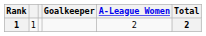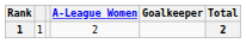 <table class="wikitable" style="text-align:center">
 <tr>
 <th>Rank</th>
 <th></th>
 <th></th>
+<th><a href='#'>A-League Women</a></th>
 <th>Goalkeeper</th>
-<th><a href='#'>A-League Women</a></th>
 <th>Total</th>
 </tr>
 <tr>
 <th>1</th>
 <td>1</td>
 <td></td>
+<td>2</td>
 <td align="left"></td>
-<td>2</td>
 <th>2</th>
 </tr>
 </table>
